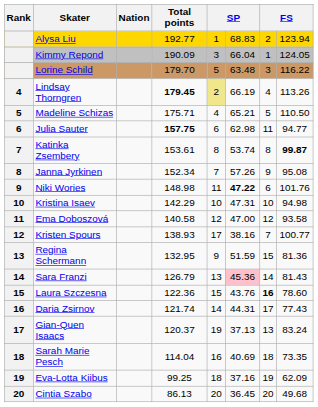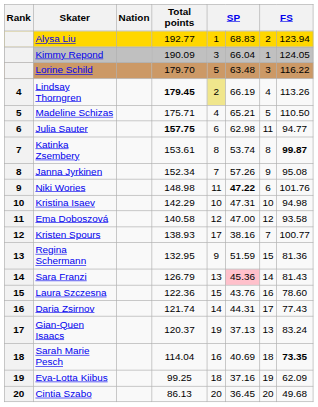 <table class="wikitable sortable" style="text-align:center;" width="80%">
 <tr>
 <th scope="col">Rank</th>
 <th scope="col">Skater</th>
 <th scope="col">Nation</th>
 <th scope="col">Total points</th>
 <th scope="col" colspan="2" width="80px"><a href='#'>SP</a></th>
 <th scope="col" colspan="2" width="80px"><a href='#'>FS</a></th>
 </tr>
 <tr bgcolor="gold">
 <th scope="row"></th>
 <td align="left"><a href='#'>Alysa Liu</a></td>
 <td align="left"></td>
 <td>192.77</td>
 <td>1</td>
 <td>68.83</td>
 <td>2</td>
 <td>123.94</td>
 </tr>
 <tr bgcolor="silver">
 <th scope="row"></th>
 <td align="left"><a href='#'>Kimmy Repond</a></td>
 <td align="left"></td>
 <td>190.09</td>
 <td>3</td>
 <td>66.04</td>
 <td>1</td>
 <td>124.05</td>
 </tr>
 <tr bgcolor="cc9966">
 <th scope="row"></th>
 <td align="left"><a href='#'>Lorine Schild</a></td>
 <td align="left"></td>
 <td>179.70</td>
 <td>5</td>
 <td>63.48</td>
 <td>3</td>
 <td>116.22</td>
 </tr>
 <tr>
 <th scope="row">4</th>
 <td align="left"><a href='#'>Lindsay Thorngren</a></td>
 <td align="left"></td>
 <td><strong>179.45</strong></td>
 <td style="background: khaki;">2</td>
 <td>66.19</td>
 <td>4</td>
 <td>113.26</td>
 </tr>
 <tr>
 <th scope="row">5</th>
 <td align="left"><a href='#'>Madeline Schizas</a></td>
 <td align="left"></td>
 <td>175.71</td>
 <td>4</td>
 <td>65.21</td>
 <td>5</td>
 <td>110.50</td>
 </tr>
 <tr>
 <th scope="row">6</th>
 <td align="left"><a href='#'>Julia Sauter</a></td>
 <td align="left"></td>
 <td><strong>157.75</strong></td>
 <td>6</td>
 <td>62.98</td>
 <td>11</td>
 <td>94.77</td>
 </tr>
 <tr>
 <th scope="row">7</th>
 <td align="left"><a href='#'>Katinka Zsembery</a></td>
 <td align="left"></td>
 <td>153.61</td>
 <td>8</td>
 <td>53.74</td>
 <td>8</td>
 <td><strong>99.87</strong></td>
 </tr>
 <tr>
 <th scope="row">8</th>
 <td align="left"><a href='#'>Janna Jyrkinen</a></td>
 <td align="left"></td>
 <td>152.34</td>
 <td>7</td>
 <td>57.26</td>
 <td>9</td>
 <td>95.08</td>
 </tr>
 <tr>
 <th scope="row">9</th>
 <td align="left"><a href='#'>Niki Wories</a></td>
 <td align="left"></td>
 <td>148.98</td>
 <td>11</td>
 <td><strong>47.22</strong></td>
 <td>6</td>
 <td>101.76</td>
 </tr>
 <tr>
 <th scope="row">10</th>
 <td align="left"><a href='#'>Kristina Isaev</a></td>
 <td align="left"></td>
 <td>142.29</td>
 <td>10</td>
 <td>47.31</td>
 <td>10</td>
 <td>94.98</td>
 </tr>
 <tr>
 <th scope="row">11</th>
 <td align="left"><a href='#'>Ema Doboszová</a></td>
 <td align="left"></td>
 <td>140.58</td>
 <td>12</td>
 <td>47.00</td>
 <td>12</td>
 <td>93.58</td>
 </tr>
 <tr>
 <th scope="row">12</th>
 <td align="left"><a href='#'>Kristen Spours</a></td>
 <td align="left"></td>
 <td>138.93</td>
 <td>17</td>
 <td>38.16</td>
 <td>7</td>
 <td>100.77</td>
 </tr>
 <tr>
 <th scope="row">13</th>
 <td align="left"><a href='#'>Regina Schermann</a></td>
 <td align="left"></td>
 <td>132.95</td>
 <td>9</td>
 <td>51.59</td>
 <td>15</td>
 <td>81.36</td>
 </tr>
 <tr>
 <th scope="row">14</th>
 <td align="left"><a href='#'>Sara Franzi</a></td>
 <td align="left"></td>
 <td>126.79</td>
 <td>13</td>
 <td style="background: pink;">45.36</td>
 <td>14</td>
 <td>81.43</td>
 </tr>
 <tr>
 <th scope="row">15</th>
 <td align="left"><a href='#'>Laura Szczesna</a></td>
 <td align="left"></td>
 <td>122.36</td>
 <td>15</td>
 <td>43.76</td>
-<td><strong>16</strong></td>
+<td>16</td>
 <td>78.60</td>
 </tr>
 <tr>
 <th scope="row">16</th>
 <td align="left"><a href='#'>Daria Zsirnov</a></td>
 <td align="left"></td>
 <td>121.74</td>
 <td>14</td>
 <td>44.31</td>
 <td>17</td>
 <td>77.43</td>
 </tr>
 <tr>
 <th scope="row">17</th>
 <td align="left"><a href='#'>Gian-Quen Isaacs</a></td>
 <td align="left"></td>
 <td>120.37</td>
 <td>19</td>
 <td>37.13</td>
 <td>13</td>
 <td>83.24</td>
 </tr>
 <tr>
 <th scope="row">18</th>
 <td align="left"><a href='#'>Sarah Marie Pesch</a></td>
 <td align="left"></td>
 <td>114.04</td>
 <td>16</td>
 <td>40.69</td>
 <td>18</td>
-<td>73.35</td>
+<td><strong>73.35</strong></td>
 </tr>
 <tr>
 <th scope="row">19</th>
 <td align="left"><a href='#'>Eva-Lotta Kiibus</a></td>
 <td align="left"></td>
 <td>99.25</td>
 <td>18</td>
 <td>37.16</td>
 <td>19</td>
 <td>62.09</td>
 </tr>
 <tr>
 <th scope="row">20</th>
 <td align="left"><a href='#'>Cintia Szabo</a></td>
 <td align="left"></td>
 <td>86.13</td>
 <td>20</td>
 <td>36.45</td>
 <td>20</td>
 <td>49.68</td>
 </tr>
 </table>
